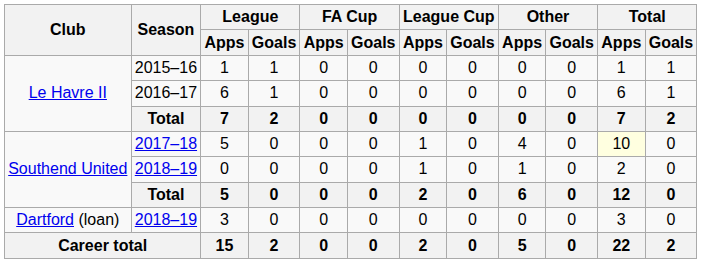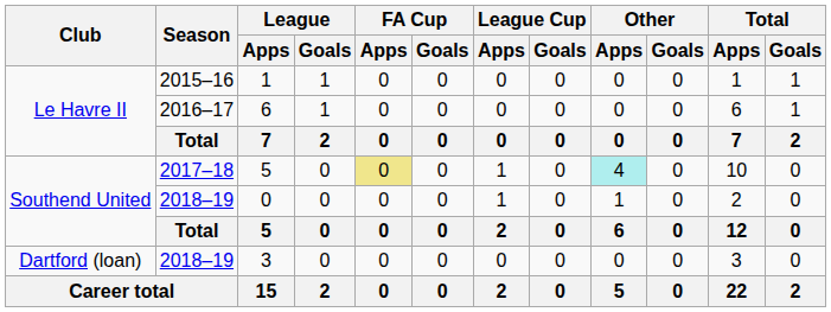 <table class="wikitable" style="text-align: center;">
 <tr>
 <th rowspan="2">Club</th>
 <th rowspan="2">Season</th>
 <th colspan="2">League</th>
 <th colspan="2">FA Cup</th>
 <th colspan="2">League Cup</th>
 <th colspan="2">Other</th>
 <th colspan="2">Total</th>
 </tr>
 <tr>
 <th>Apps</th>
 <th>Goals</th>
 <th>Apps</th>
 <th>Goals</th>
 <th>Apps</th>
 <th>Goals</th>
 <th>Apps</th>
 <th>Goals</th>
 <th>Apps</th>
 <th>Goals</th>
 </tr>
 <tr>
 <td rowspan="3"><a href='#'>Le Havre II</a></td>
 <td>2015–16</td>
 <td>1</td>
 <td>1</td>
 <td>0</td>
 <td>0</td>
 <td>0</td>
 <td>0</td>
 <td>0</td>
 <td>0</td>
 <td>1</td>
 <td>1</td>
 </tr>
 <tr>
 <td>2016–17</td>
 <td>6</td>
 <td>1</td>
 <td>0</td>
 <td>0</td>
 <td>0</td>
 <td>0</td>
 <td>0</td>
 <td>0</td>
 <td>6</td>
 <td>1</td>
 </tr>
 <tr>
 <th>Total</th>
 <th>7</th>
 <th>2</th>
 <th>0</th>
 <th>0</th>
 <th>0</th>
 <th>0</th>
 <th>0</th>
 <th>0</th>
 <th>7</th>
 <th>2</th>
 </tr>
 <tr>
 <td rowspan=3><a href='#'>Southend United</a></td>
 <td><a href='#'>2017–18</a></td>
 <td>5</td>
 <td>0</td>
-<td>0</td>
+<td style="background: khaki;">0</td>
 <td>0</td>
 <td>1</td>
 <td>0</td>
-<td>4</td>
+<td style="background: paleturquoise;">4</td>
 <td>0</td>
-<td style="background: lightyellow;">10</td>
+<td>10</td>
 <td>0</td>
 </tr>
 <tr>
 <td><a href='#'>2018–19</a></td>
 <td>0</td>
 <td>0</td>
 <td>0</td>
 <td>0</td>
 <td>1</td>
 <td>0</td>
 <td>1</td>
 <td>0</td>
 <td>2</td>
 <td>0</td>
 </tr>
 <tr>
 <th>Total</th>
 <th>5</th>
 <th>0</th>
 <th>0</th>
 <th>0</th>
 <th>2</th>
 <th>0</th>
 <th>6</th>
 <th>0</th>
 <th>12</th>
 <th>0</th>
 </tr>
 <tr>
 <td><a href='#'>Dartford</a> (loan)</td>
 <td><a href='#'>2018–19</a></td>
 <td>3</td>
 <td>0</td>
 <td>0</td>
 <td>0</td>
 <td>0</td>
 <td>0</td>
 <td>0</td>
 <td>0</td>
 <td>3</td>
 <td>0</td>
 </tr>
 <tr>
 <th colspan="2">Career total</th>
 <th>15</th>
 <th>2</th>
 <th>0</th>
 <th>0</th>
 <th>2</th>
 <th>0</th>
 <th>5</th>
 <th>0</th>
 <th>22</th>
 <th>2</th>
 </tr>
 </table>
